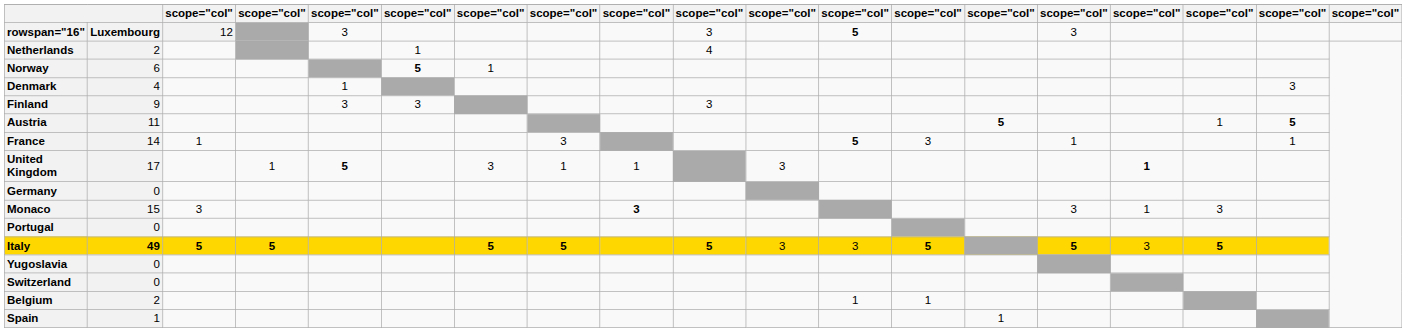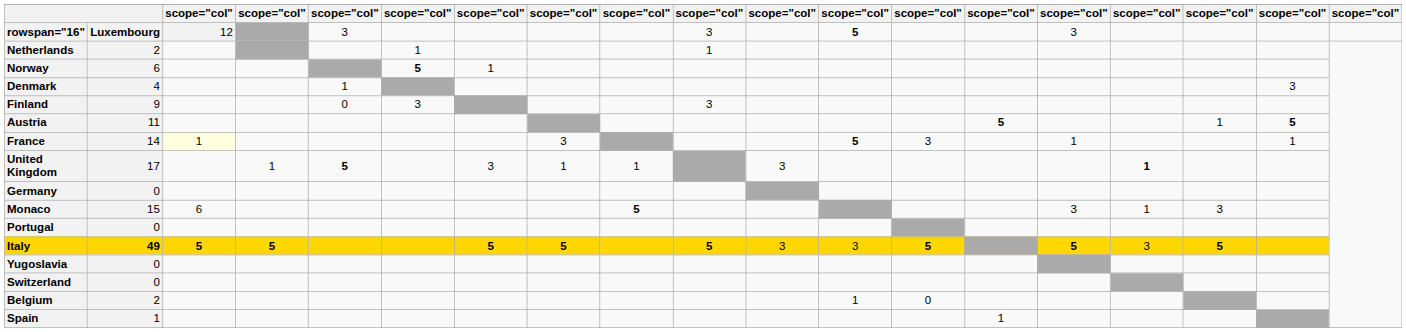 <table class="wikitable plainrowheaders" style="text-align:center;">
 <tr>
 </tr>
 <tr>
 <th colspan="2"></th>
 <th>scope="col" </th>
 <th>scope="col" </th>
 <th>scope="col" </th>
 <th>scope="col" </th>
 <th>scope="col" </th>
 <th>scope="col" </th>
 <th>scope="col" </th>
 <th>scope="col" </th>
 <th>scope="col" </th>
 <th>scope="col" </th>
 <th>scope="col" </th>
 <th>scope="col" </th>
 <th>scope="col" </th>
 <th>scope="col" </th>
 <th>scope="col" </th>
 <th>scope="col" </th>
 <th>scope="col" </th>
 </tr>
 <tr>
 <th>rowspan="16" </th>
 <th scope="row" style="text-align:left; background:#f2f2f2;">Luxembourg</th>
 <td style="text-align:right; background:#f2f2f2;">12</td>
 <td style="text-align:left; background:#aaa;"></td>
 <td>3</td>
 <td></td>
 <td></td>
 <td></td>
 <td></td>
 <td>3</td>
 <td></td>
 <td><strong>5</strong></td>
 <td></td>
 <td></td>
 <td>3</td>
 <td></td>
 <td></td>
 <td></td>
 <td></td>
 </tr>
 <tr>
 <th scope="row" style="text-align:left; background:#f2f2f2;">Netherlands</th>
 <td style="text-align:right; background:#f2f2f2;">2</td>
 <td></td>
 <td style="text-align:left; background:#aaa;"></td>
 <td></td>
 <td>1</td>
 <td></td>
 <td></td>
 <td></td>
-<td>4</td>
+<td>1</td>
 <td></td>
 <td></td>
 <td></td>
 <td></td>
 <td></td>
 <td></td>
 <td></td>
 <td></td>
 </tr>
 <tr>
 <th scope="row" style="text-align:left; background:#f2f2f2;">Norway</th>
 <td style="text-align:right; background:#f2f2f2;">6</td>
 <td></td>
 <td></td>
 <td style="text-align:left; background:#aaa;"></td>
 <td><strong>5</strong></td>
 <td>1</td>
 <td></td>
 <td></td>
 <td></td>
 <td></td>
 <td></td>
 <td></td>
 <td></td>
 <td></td>
 <td></td>
 <td></td>
 <td></td>
 </tr>
 <tr>
 <th scope="row" style="text-align:left; background:#f2f2f2;">Denmark</th>
 <td style="text-align:right; background:#f2f2f2;">4</td>
 <td></td>
 <td></td>
 <td>1</td>
 <td style="text-align:left; background:#aaa;"></td>
 <td></td>
 <td></td>
 <td></td>
 <td></td>
 <td></td>
 <td></td>
 <td></td>
 <td></td>
 <td></td>
 <td></td>
 <td></td>
 <td>3</td>
 </tr>
 <tr>
 <th scope="row" style="text-align:left; background:#f2f2f2;">Finland</th>
 <td style="text-align:right; background:#f2f2f2;">9</td>
 <td></td>
 <td></td>
-<td>3</td>
+<td>0</td>
 <td>3</td>
 <td style="text-align:left; background:#aaa;"></td>
 <td></td>
 <td></td>
 <td>3</td>
 <td></td>
 <td></td>
 <td></td>
 <td></td>
 <td></td>
 <td></td>
 <td></td>
 <td></td>
 </tr>
 <tr>
 <th scope="row" style="text-align:left; background:#f2f2f2;">Austria</th>
 <td style="text-align:right; background:#f2f2f2;">11</td>
 <td></td>
 <td></td>
 <td></td>
 <td></td>
 <td></td>
 <td style="text-align:left; background:#aaa;"></td>
 <td></td>
 <td></td>
 <td></td>
 <td></td>
 <td></td>
 <td><strong>5</strong></td>
 <td></td>
 <td></td>
 <td>1</td>
 <td><strong>5</strong></td>
 </tr>
 <tr>
 <th scope="row" style="text-align:left; background:#f2f2f2;">France</th>
 <td style="text-align:right; background:#f2f2f2;">14</td>
-<td>1</td>
+<td style="background: lightyellow;">1</td>
 <td></td>
 <td></td>
 <td></td>
 <td></td>
 <td>3</td>
 <td style="text-align:left; background:#aaa;"></td>
 <td></td>
 <td></td>
 <td><strong>5</strong></td>
 <td>3</td>
 <td></td>
 <td>1</td>
 <td></td>
 <td></td>
 <td>1</td>
 </tr>
 <tr>
 <th scope="row" style="text-align:left; background:#f2f2f2;">United Kingdom</th>
 <td style="text-align:right; background:#f2f2f2;">17</td>
 <td></td>
 <td>1</td>
 <td><strong>5</strong></td>
 <td></td>
 <td>3</td>
 <td>1</td>
 <td>1</td>
 <td style="text-align:left; background:#aaa;"></td>
 <td>3</td>
 <td></td>
 <td></td>
 <td></td>
 <td></td>
 <td><strong>1</strong></td>
 <td></td>
 <td></td>
 </tr>
 <tr>
 <th scope="row" style="text-align:left; background:#f2f2f2;">Germany</th>
 <td style="text-align:right; background:#f2f2f2;">0</td>
 <td></td>
 <td></td>
 <td></td>
 <td></td>
 <td></td>
 <td></td>
 <td></td>
 <td></td>
 <td style="text-align:left; background:#aaa;"></td>
 <td></td>
 <td></td>
 <td></td>
 <td></td>
 <td></td>
 <td></td>
 <td></td>
 </tr>
 <tr>
 <th scope="row" style="text-align:left; background:#f2f2f2;">Monaco</th>
 <td style="text-align:right; background:#f2f2f2;">15</td>
-<td>3</td>
+<td>6</td>
 <td></td>
 <td></td>
 <td></td>
 <td></td>
 <td></td>
-<td><strong>3</strong></td>
+<td><strong>5</strong></td>
 <td></td>
 <td></td>
 <td style="text-align:left; background:#aaa;"></td>
 <td></td>
 <td></td>
 <td>3</td>
 <td>1</td>
 <td>3</td>
 <td></td>
 </tr>
 <tr>
 <th scope="row" style="text-align:left; background:#f2f2f2;">Portugal</th>
 <td style="text-align:right; background:#f2f2f2;">0</td>
 <td></td>
 <td></td>
 <td></td>
 <td></td>
 <td></td>
 <td></td>
 <td></td>
 <td></td>
 <td></td>
 <td></td>
 <td style="text-align:left; background:#aaa;"></td>
 <td></td>
 <td></td>
 <td></td>
 <td></td>
 <td></td>
 </tr>
 <tr style="background:gold;">
 <th scope="row" style="text-align:left; font-weight:bold; background:gold;">Italy</th>
 <td style="text-align:right; font-weight:bold;">49</td>
 <td><strong>5</strong></td>
 <td><strong>5</strong></td>
 <td></td>
 <td></td>
 <td><strong>5</strong></td>
 <td><strong>5</strong></td>
 <td></td>
 <td><strong>5</strong></td>
 <td>3</td>
 <td>3</td>
 <td><strong>5</strong></td>
 <td style="text-align:left; background:#aaa;"></td>
 <td><strong>5</strong></td>
 <td>3</td>
 <td><strong>5</strong></td>
 <td></td>
 </tr>
 <tr>
 <th scope="row" style="text-align:left; background:#f2f2f2;">Yugoslavia</th>
 <td style="text-align:right; background:#f2f2f2;">0</td>
 <td></td>
 <td></td>
 <td></td>
 <td></td>
 <td></td>
 <td></td>
 <td></td>
 <td></td>
 <td></td>
 <td></td>
 <td></td>
 <td></td>
 <td style="text-align:left; background:#aaa;"></td>
 <td></td>
 <td></td>
 <td></td>
 </tr>
 <tr>
 <th scope="row" style="text-align:left; background:#f2f2f2;">Switzerland</th>
 <td style="text-align:right; background:#f2f2f2;">0</td>
 <td></td>
 <td></td>
 <td></td>
 <td></td>
 <td></td>
 <td></td>
 <td></td>
 <td></td>
 <td></td>
 <td></td>
 <td></td>
 <td></td>
 <td></td>
 <td style="text-align:left; background:#aaa;"></td>
 <td></td>
 <td></td>
 </tr>
 <tr>
 <th scope="row" style="text-align:left; background:#f2f2f2;">Belgium</th>
 <td style="text-align:right; background:#f2f2f2;">2</td>
 <td></td>
 <td></td>
 <td></td>
 <td></td>
 <td></td>
 <td></td>
 <td></td>
 <td></td>
 <td></td>
 <td>1</td>
-<td>1</td>
+<td>0</td>
 <td></td>
 <td></td>
 <td></td>
 <td style="text-align:left; background:#aaa;"></td>
 <td></td>
 </tr>
 <tr>
 <th scope="row" style="text-align:left; background:#f2f2f2;">Spain</th>
 <td style="text-align:right; background:#f2f2f2;">1</td>
 <td></td>
 <td></td>
 <td></td>
 <td></td>
 <td></td>
 <td></td>
 <td></td>
 <td></td>
 <td></td>
 <td></td>
 <td></td>
 <td>1</td>
 <td></td>
 <td></td>
 <td></td>
 <td style="text-align:left; background:#aaa;"></td>
 </tr>
 </table>
